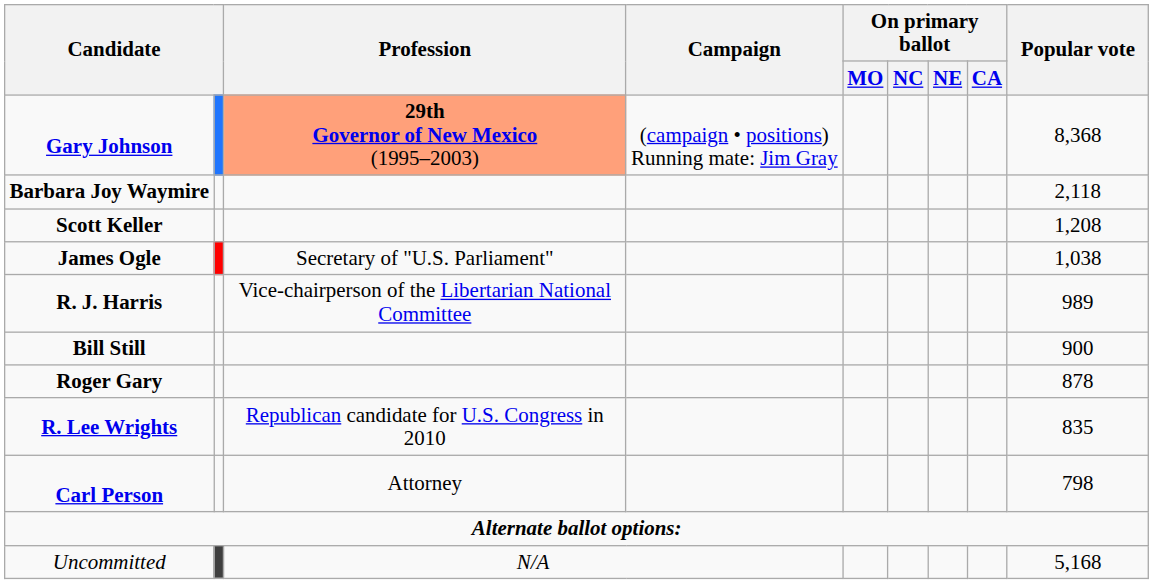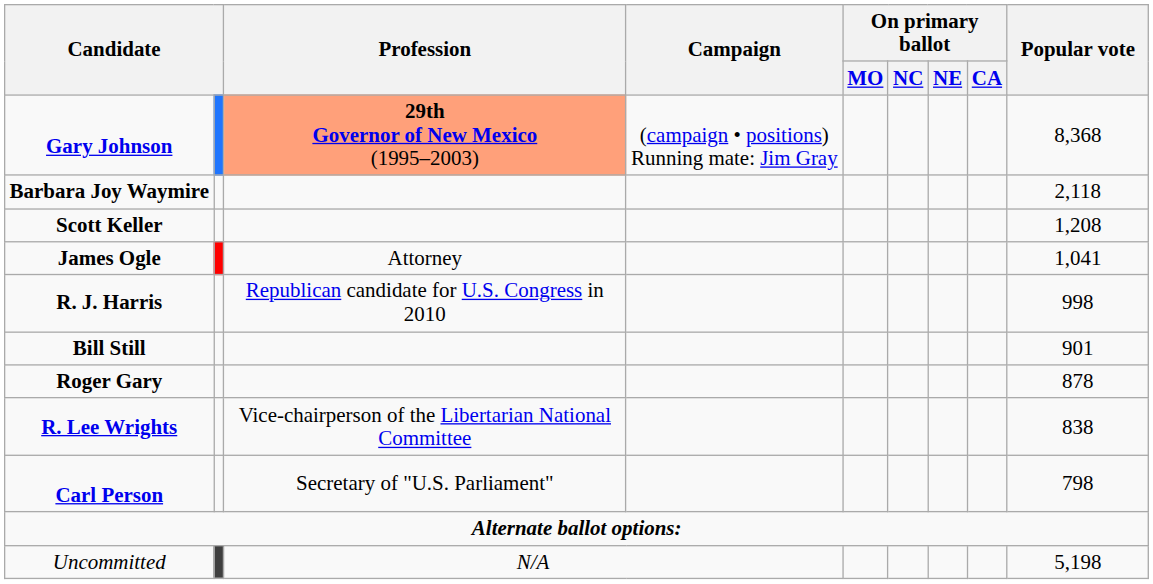 <table class="wikitable sortable" style="text-align:center;">
 <tr>
 <th rowspan="2" colspan="2" style="padding:10px; width:120px; ">Candidate</th>
 <th rowspan="2" style="width:300px;" class="unsortable">Profession</th>
 <th rowspan="2" class="unsortable">Campaign</th>
 <th colspan=4>On primary ballot</th>
 <th rowspan="2" style="padding:10px;">Popular vote</th>
 </tr>
 <tr>
 <th style="width:20px;"><a href='#'>MO</a><br></th>
 <th style="width:20px;"><a href='#'>NC</a><br></th>
 <th style="width:20px;"><a href='#'>NE</a><br></th>
 <th style="width:20px;"><a href='#'>CA</a></th>
 </tr>
 <tr>
 <td data-sort-value="Johnson, Gary"><br><strong><a href='#'>Gary Johnson</a></strong></td>
 <td style="background:#1F75FE;"></td>
 <td style="background: lightsalmon;"><strong>29th<br><a href='#'>Governor of New Mexico</a></strong><br>(1995–2003)</td>
 <td><br>(<a href='#'>campaign</a> • <a href='#'>positions</a>)<br>Running mate: <a href='#'>Jim Gray</a></td>
 <td></td>
 <td></td>
 <td></td>
 <td></td>
 <td data-sort-value="8368">8,368</td>
 </tr>
 <tr>
 <td data-sort-value="Waymire, Barbara Joy"><strong>Barbara Joy Waymire</strong></td>
 <td></td>
 <td></td>
 <td></td>
 <td></td>
 <td></td>
 <td></td>
 <td></td>
 <td data-sort-value="2118">2,118</td>
 </tr>
 <tr>
 <td data-sort-value="Keller, Scott"><strong>Scott Keller</strong></td>
 <td></td>
 <td></td>
 <td></td>
 <td></td>
 <td></td>
 <td></td>
 <td></td>
 <td data-sort-value="1208">1,208</td>
 </tr>
 <tr>
 <td data-sort-value="Ogle, James"><strong>James Ogle</strong></td>
 <td style="background:#FF0000;"></td>
-<td>Secretary of "U.S. Parliament"</td>
+<td>Attorney</td>
 <td></td>
 <td></td>
 <td></td>
 <td></td>
 <td></td>
-<td data-sort-value="1041">1,038</td>
+<td data-sort-value="1041">1,041</td>
 </tr>
 <tr>
 <td data-sort-value="Harris, R. J."><strong>R. J. Harris</strong></td>
 <td></td>
-<td>Vice-chairperson of the <a href='#'>Libertarian National Committee</a></td>
+<td><a href='#'>Republican</a> candidate for <a href='#'>U.S. Congress</a> in 2010</td>
 <td></td>
 <td></td>
 <td></td>
 <td></td>
 <td></td>
-<td data-sort-value="998">989</td>
+<td data-sort-value="998">998</td>
 </tr>
 <tr>
 <td data-sort-value="Still, Bill"><strong>Bill Still</strong></td>
 <td></td>
 <td></td>
 <td></td>
 <td></td>
 <td></td>
 <td></td>
 <td></td>
-<td data-sort-value="901">900</td>
+<td data-sort-value="901">901</td>
 </tr>
 <tr>
 <td data-sort-value="Gary, Roger"><strong>Roger Gary</strong></td>
 <td></td>
 <td></td>
 <td></td>
 <td></td>
 <td></td>
 <td></td>
 <td></td>
 <td data-sort-value="838">878</td>
 </tr>
 <tr>
 <td data-sort-value="Wrights, R. Lee"><strong><a href='#'>R. Lee Wrights</a></strong></td>
 <td></td>
-<td><a href='#'>Republican</a> candidate for <a href='#'>U.S. Congress</a> in 2010</td>
+<td>Vice-chairperson of the <a href='#'>Libertarian National Committee</a></td>
 <td></td>
 <td></td>
 <td></td>
 <td></td>
 <td></td>
-<td data-sort-value="838">835</td>
+<td data-sort-value="838">838</td>
 </tr>
 <tr>
 <td data-sort-value="Person, Carl"><br><strong><a href='#'>Carl Person</a></strong></td>
 <td></td>
-<td>Attorney</td>
+<td>Secretary of "U.S. Parliament"</td>
 <td></td>
 <td></td>
 <td></td>
 <td></td>
 <td></td>
 <td data-sort-value="798">798</td>
 </tr>
 <tr>
 <td Colspan=11><strong><em>Alternate ballot options:</em></strong></td>
 </tr>
 <tr>
 <td data-sort-value="Uncommitted"><em>Uncommitted</em></td>
 <td style="background:#3F3F3F"></td>
 <td colspan=2><em>N/A</em></td>
 <td></td>
 <td></td>
 <td></td>
 <td></td>
-<td data-sort-value="5198">5,168</td>
+<td data-sort-value="5198">5,198</td>
 </tr>
 </table>
